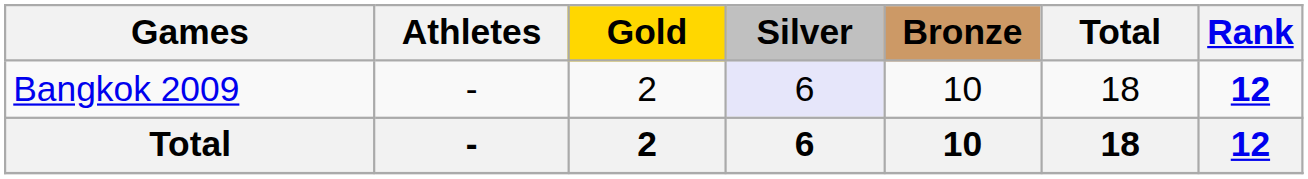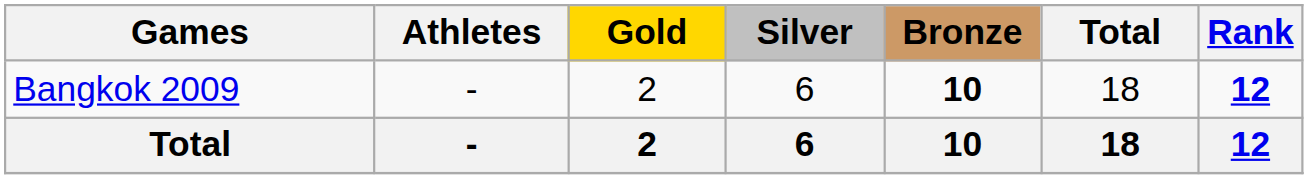 <table class="wikitable sortable" style="margin-top:0em; text-align:center; font-size:100%;">
 <tr>
 <th style="width:10em;">Games</th>
 <th scope="col" style="width:5em;">Athletes</th>
 <th style="width:4em; background:gold;">Gold</th>
 <th style="width:4em; background:silver;">Silver</th>
 <th style="width:4em; background:#cc9966;">Bronze</th>
 <th style="width:4em;">Total</th>
 <th style="width:2em;"><a href='#'>Rank</a></th>
 </tr>
 <tr>
 <td align=left> <a href='#'>Bangkok 2009</a></td>
 <td>-</td>
 <td>2</td>
-<td style="background: lavender;">6</td>
-<td>10</td>
+<td>6</td>
+<td><strong>10</strong></td>
 <td>18</td>
 <td><a href='#'><strong>12</strong></a></td>
 </tr>
 <tr>
 <th><strong>Total</strong></th>
 <th><strong>-</strong></th>
 <th><strong>2</strong></th>
 <th><strong>6</strong></th>
 <th><strong>10</strong></th>
 <th><strong>18</strong></th>
 <th><strong><a href='#'>12</a></strong></th>
 </tr>
 <tr class="sortbottom">
 </tr>
 </table>
